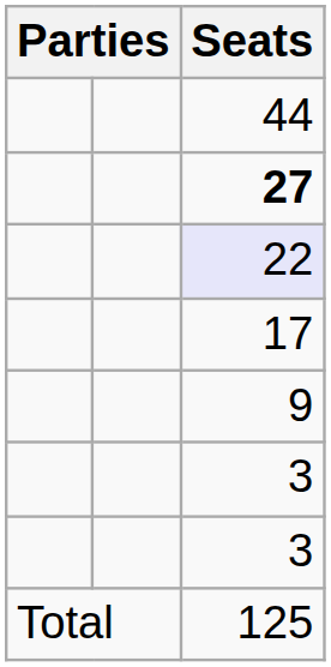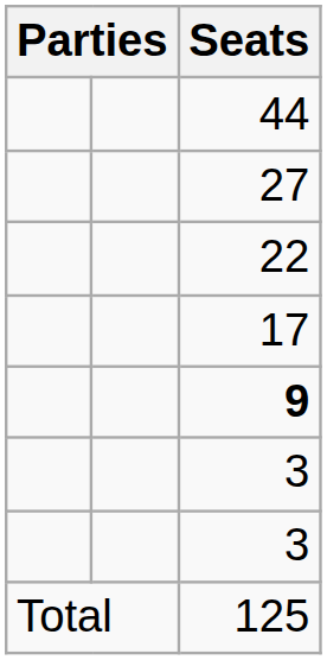 <table class="wikitable" style="text-align:left;">
 <tr>
 <th colspan="2" style="text-align:left;">Parties</th>
 <th>Seats</th>
 </tr>
 <tr>
 <td></td>
 <td></td>
 <td style="text-align:right;">44</td>
 </tr>
 <tr>
 <td></td>
 <td></td>
-<td style="text-align:right;"><strong>27</strong></td>
+<td style="text-align:right;">27</td>
 </tr>
 <tr>
 <td></td>
 <td></td>
-<td style="background: lavender; text-align:right;">22</td>
+<td style="text-align:right;">22</td>
 </tr>
 <tr>
 <td></td>
 <td></td>
 <td style="text-align:right;">17</td>
 </tr>
 <tr>
 <td></td>
 <td></td>
-<td style="text-align:right;">9</td>
+<td style="text-align:right;"><strong>9</strong></td>
 </tr>
 <tr>
 <td></td>
 <td></td>
 <td style="text-align:right;">3</td>
 </tr>
 <tr>
 <td></td>
 <td></td>
 <td style="text-align:right;">3</td>
 </tr>
 <tr>
 <td colspan="2" style="text-align:left;">Total</td>
 <td style="text-align:right;">125</td>
 </tr>
 </table>
